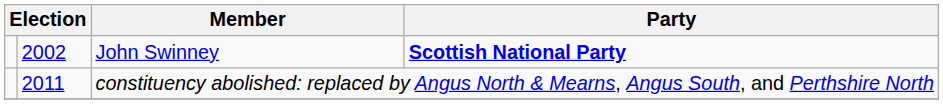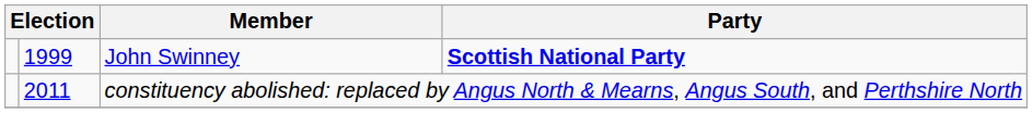 <table class="wikitable">
 <tr>
 <th colspan="2">Election</th>
 <th>Member</th>
 <th>Party</th>
 </tr>
 <tr>
 <td style="background-color: "></td>
-<td><a href='#'>2002</a></td>
+<td><a href='#'>1999</a></td>
 <td><a href='#'>John Swinney</a></td>
 <td><strong><a href='#'>Scottish National Party</a></strong></td>
 </tr>
 <tr>
 <td style="background-color:"></td>
 <td><a href='#'>2011</a></td>
 <td colspan="3"><em>constituency abolished: replaced by <a href='#'>Angus North & Mearns</a></em>, <em><a href='#'>Angus South</a></em>, and <em><a href='#'>Perthshire North</a></em></td>
 </tr>
 <tr>
 </tr>
 </table>
